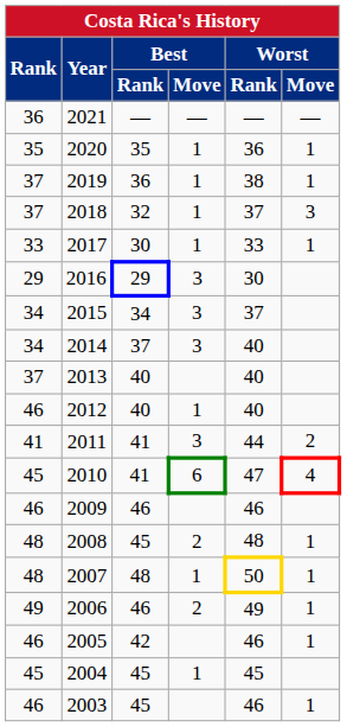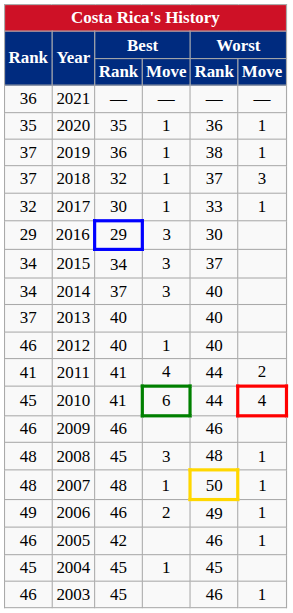 <table class="wikitable sortable" style="text-align:center;">
 <tr>
 <th colspan=9 style="background: #CE1126; color: #FFFFFF;"> Costa Rica's <a href='#'></a> History</th>
 </tr>
 <tr>
 <th rowspan=2 style="background-color: #002B7F; color: #FFFFFF;">Rank</th>
 <th rowspan=2 style="background-color: #002B7F; color: #FFFFFF;">Year</th>
 <th colspan=2 style="background-color: #002B7F; color: #FFFFFF;">Best</th>
 <th colspan=2 style="background-color: #002B7F; color: #FFFFFF;">Worst</th>
 </tr>
 <tr>
 <th style="background-color: #002B7F; color: #FFFFFF;">Rank</th>
 <th style="background-color: #002B7F; color: #FFFFFF;">Move</th>
 <th style="background-color: #002B7F; color: #FFFFFF;">Rank</th>
 <th style="background-color: #002B7F; color: #FFFFFF;">Move</th>
 </tr>
 <tr>
 <td>36</td>
 <td>2021</td>
 <td>—</td>
 <td>—</td>
 <td>—</td>
 <td>—</td>
 </tr>
 <tr>
 <td>35</td>
 <td>2020</td>
 <td>35</td>
 <td> 1</td>
 <td>36</td>
 <td> 1</td>
 </tr>
 <tr>
 <td>37</td>
 <td>2019</td>
 <td>36</td>
 <td> 1</td>
 <td>38</td>
 <td> 1</td>
 </tr>
 <tr>
 <td>37</td>
 <td>2018</td>
 <td>32</td>
 <td> 1</td>
 <td>37</td>
 <td> 3</td>
 </tr>
 <tr>
-<td>33</td>
+<td>32</td>
 <td>2017</td>
 <td>30</td>
 <td> 1</td>
 <td>33</td>
 <td> 1</td>
 </tr>
 <tr>
 <td>29</td>
 <td>2016</td>
 <td style="border: 3px solid blue">29</td>
 <td> 3</td>
 <td>30</td>
 <td></td>
 </tr>
 <tr>
 <td>34</td>
 <td>2015</td>
 <td>34</td>
 <td> 3</td>
 <td>37</td>
 <td></td>
 </tr>
 <tr>
 <td>34</td>
 <td>2014</td>
 <td>37</td>
 <td> 3</td>
 <td>40</td>
 <td></td>
 </tr>
 <tr>
 <td>37</td>
 <td>2013</td>
 <td>40</td>
 <td></td>
 <td>40</td>
 <td></td>
 </tr>
 <tr>
 <td>46</td>
 <td>2012</td>
 <td>40</td>
 <td> 1</td>
 <td>40</td>
 <td></td>
 </tr>
 <tr>
 <td>41</td>
 <td>2011</td>
 <td>41</td>
-<td> 3</td>
+<td> 4</td>
 <td>44</td>
 <td> 2</td>
 </tr>
 <tr>
 <td>45</td>
 <td>2010</td>
 <td>41</td>
 <td style="border: 3px solid green"> 6</td>
-<td>47</td>
+<td>44</td>
 <td style="border: 3px solid red"> 4</td>
 </tr>
 <tr>
 <td>46</td>
 <td>2009</td>
 <td>46</td>
 <td></td>
 <td>46</td>
 <td></td>
 </tr>
 <tr>
 <td>48</td>
 <td>2008</td>
 <td>45</td>
-<td> 2</td>
+<td> 3</td>
 <td>48</td>
 <td> 1</td>
 </tr>
 <tr>
 <td>48</td>
 <td>2007</td>
 <td>48</td>
 <td> 1</td>
 <td style="border: 3px solid gold">50</td>
 <td> 1</td>
 </tr>
 <tr>
 <td>49</td>
 <td>2006</td>
 <td>46</td>
 <td> 2</td>
 <td>49</td>
 <td> 1</td>
 </tr>
 <tr>
 <td>46</td>
 <td>2005</td>
 <td>42</td>
 <td></td>
 <td>46</td>
 <td> 1</td>
 </tr>
 <tr>
 <td>45</td>
 <td>2004</td>
 <td>45</td>
 <td> 1</td>
 <td>45</td>
 <td></td>
 </tr>
 <tr>
 <td>46</td>
 <td>2003</td>
 <td>45</td>
 <td></td>
 <td>46</td>
 <td> 1</td>
 </tr>
 </table>
